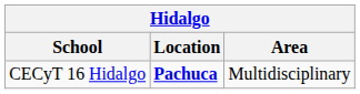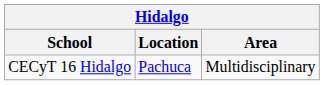 <table class="wikitable">
 <tr>
 <th colspan="3"><a href='#'>Hidalgo</a></th>
 </tr>
 <tr>
 <th>School</th>
 <th>Location</th>
 <th>Area</th>
 </tr>
 <tr>
 <td>CECyT 16 <a href='#'>Hidalgo</a></td>
-<td><strong><a href='#'>Pachuca</a></strong></td>
+<td><a href='#'>Pachuca</a></td>
 <td>Multidisciplinary</td>
 </tr>
 </table>
